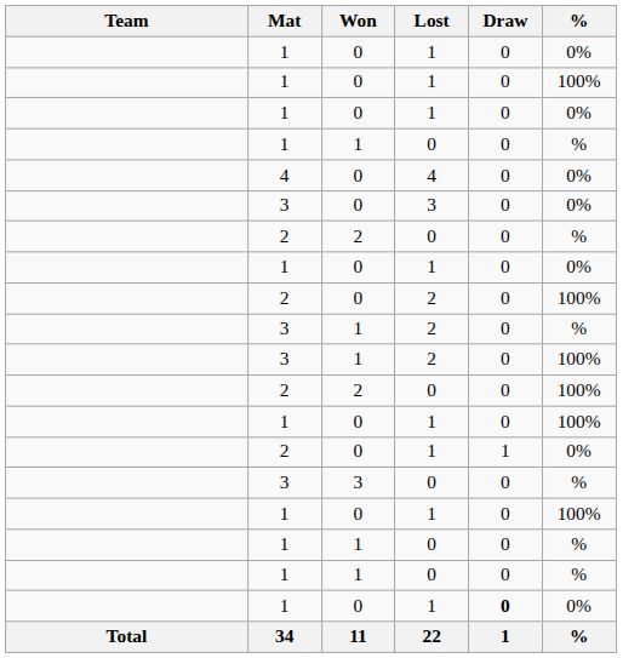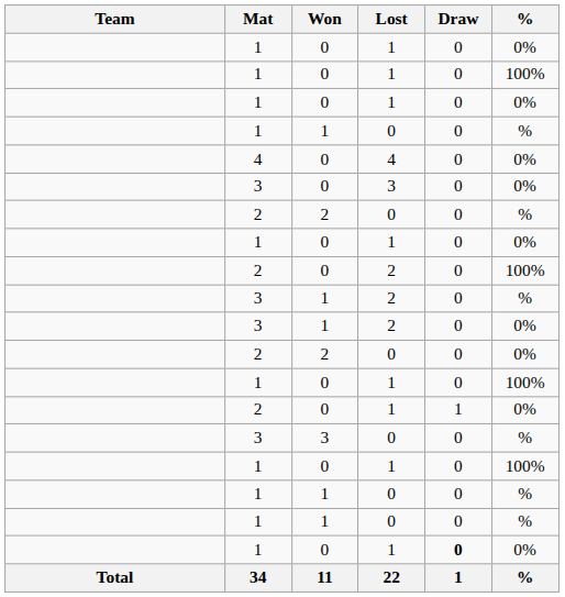 <table class="wikitable sortable" style="font-size:90%">
 <tr>
 <th style="width:180px;">Team</th>
 <th style="width:50px;">Mat</th>
 <th style="width:50px;">Won</th>
 <th style="width:50px;">Lost</th>
 <th style="width:50px;">Draw</th>
 <th style="width:50px;">%</th>
 </tr>
 <tr align="center">
 <td align="left"></td>
 <td>1</td>
 <td>0</td>
 <td>1</td>
 <td>0</td>
 <td>0%</td>
 </tr>
 <tr align="center">
 <td align="left"></td>
 <td>1</td>
 <td>0</td>
 <td>1</td>
 <td>0</td>
 <td>100%</td>
 </tr>
 <tr align="center">
 <td align="left"></td>
 <td>1</td>
 <td>0</td>
 <td>1</td>
 <td>0</td>
 <td>0%</td>
 </tr>
 <tr align="center">
 <td align="left"></td>
 <td>1</td>
 <td>1</td>
 <td>0</td>
 <td>0</td>
 <td>%</td>
 </tr>
 <tr align="center">
 <td align="left"></td>
 <td>4</td>
 <td>0</td>
 <td>4</td>
 <td>0</td>
 <td>0%</td>
 </tr>
 <tr align="center">
 <td align="left"></td>
 <td>3</td>
 <td>0</td>
 <td>3</td>
 <td>0</td>
 <td>0%</td>
 </tr>
 <tr align="center">
 <td align="left"></td>
 <td>2</td>
 <td>2</td>
 <td>0</td>
 <td>0</td>
 <td>%</td>
 </tr>
 <tr align="center">
 <td align="left"></td>
 <td>1</td>
 <td>0</td>
 <td>1</td>
 <td>0</td>
 <td>0%</td>
 </tr>
 <tr align="center">
 <td align="left"></td>
 <td>2</td>
 <td>0</td>
 <td>2</td>
 <td>0</td>
 <td>100%</td>
 </tr>
 <tr align="center">
 <td align="left"></td>
 <td>3</td>
 <td>1</td>
 <td>2</td>
 <td>0</td>
 <td>%</td>
 </tr>
 <tr align="center">
 <td align="left"></td>
 <td>3</td>
 <td>1</td>
 <td>2</td>
 <td>0</td>
-<td>100%</td>
+<td>0%</td>
 </tr>
 <tr align="center">
 <td align="left"></td>
 <td>2</td>
 <td>2</td>
 <td>0</td>
 <td>0</td>
-<td>100%</td>
+<td>0%</td>
 </tr>
 <tr align="center">
 <td align="left"></td>
 <td>1</td>
 <td>0</td>
 <td>1</td>
 <td>0</td>
 <td>100%</td>
 </tr>
 <tr align="center">
 <td align="left"></td>
 <td>2</td>
 <td>0</td>
 <td>1</td>
 <td>1</td>
 <td>0%</td>
 </tr>
 <tr align="center">
 <td align="left"></td>
 <td>3</td>
 <td>3</td>
 <td>0</td>
 <td>0</td>
 <td>%</td>
 </tr>
 <tr align="center">
 <td align="left"></td>
 <td>1</td>
 <td>0</td>
 <td>1</td>
 <td>0</td>
 <td>100%</td>
 </tr>
 <tr align="center">
 <td align="left"></td>
 <td>1</td>
 <td>1</td>
 <td>0</td>
 <td>0</td>
 <td>%</td>
 </tr>
 <tr align="center">
 <td align="left"></td>
 <td>1</td>
 <td>1</td>
 <td>0</td>
 <td>0</td>
 <td>%</td>
 </tr>
 <tr align="center">
 <td align="left"></td>
 <td>1</td>
 <td>0</td>
 <td>1</td>
 <td><strong>0</strong></td>
 <td>0%</td>
 </tr>
 <tr align="center"class="sortbottom">
 <th>Total</th>
 <th><strong>34</strong></th>
 <th><strong>11</strong></th>
 <th><strong>22</strong></th>
 <th><strong>1</strong></th>
 <th><strong>%</strong></th>
 </tr>
 </table>
